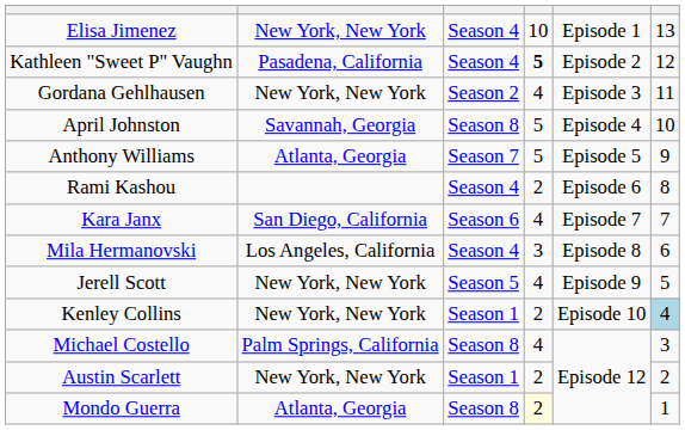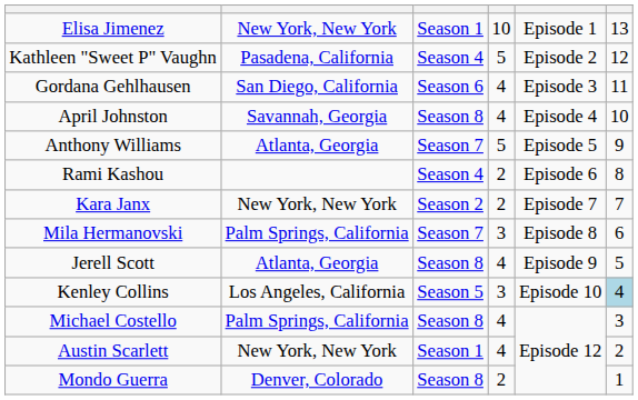 <table class="wikitable sortable" style="text-align:center;">
 <tr>
 <th></th>
 <th></th>
 <th></th>
 <th></th>
 <th></th>
 <th></th>
 </tr>
 <tr>
 <td><a href='#'>Elisa Jimenez</a></td>
 <td><a href='#'>New York, New York</a></td>
-<td><a href='#'>Season 4</a></td>
+<td><a href='#'>Season 1</a></td>
 <td>10</td>
 <td>Episode 1</td>
 <td>13</td>
 </tr>
 <tr>
 <td>Kathleen "Sweet P" Vaughn</td>
 <td><a href='#'>Pasadena, California</a></td>
 <td><a href='#'>Season 4</a></td>
-<td><strong>5</strong></td>
+<td>5</td>
 <td>Episode 2</td>
 <td>12</td>
 </tr>
 <tr>
 <td>Gordana Gehlhausen</td>
-<td>New York, New York</td>
-<td><a href='#'>Season 2</a></td>
+<td><a href='#'>San Diego, California</a></td>
+<td><a href='#'>Season 6</a></td>
 <td>4</td>
 <td>Episode 3</td>
 <td>11</td>
 </tr>
 <tr>
 <td>April Johnston</td>
 <td><a href='#'>Savannah, Georgia</a></td>
 <td><a href='#'>Season 8</a></td>
-<td>5</td>
+<td>4</td>
 <td>Episode 4</td>
 <td>10</td>
 </tr>
 <tr>
 <td>Anthony Williams</td>
 <td><a href='#'>Atlanta, Georgia</a></td>
 <td><a href='#'>Season 7</a></td>
 <td>5</td>
 <td>Episode 5</td>
 <td>9</td>
 </tr>
 <tr>
 <td>Rami Kashou</td>
 <td></td>
 <td><a href='#'>Season 4</a></td>
 <td>2</td>
 <td>Episode 6</td>
 <td>8</td>
 </tr>
 <tr>
 <td><a href='#'>Kara Janx</a></td>
-<td><a href='#'>San Diego, California</a></td>
-<td><a href='#'>Season 6</a></td>
-<td>4</td>
+<td>New York, New York</td>
+<td><a href='#'>Season 2</a></td>
+<td>2</td>
 <td>Episode 7</td>
 <td>7</td>
 </tr>
 <tr>
 <td><a href='#'>Mila Hermanovski</a></td>
-<td>Los Angeles, California</td>
-<td><a href='#'>Season 4</a></td>
+<td><a href='#'>Palm Springs, California</a></td>
+<td><a href='#'>Season 7</a></td>
 <td>3</td>
 <td>Episode 8</td>
 <td>6</td>
 </tr>
 <tr>
 <td>Jerell Scott</td>
-<td>New York, New York</td>
-<td><a href='#'>Season 5</a></td>
+<td><a href='#'>Atlanta, Georgia</a></td>
+<td><a href='#'>Season 8</a></td>
 <td>4</td>
 <td>Episode 9</td>
 <td>5</td>
 </tr>
 <tr>
 <td>Kenley Collins</td>
-<td>New York, New York</td>
-<td><a href='#'>Season 1</a></td>
-<td>2</td>
+<td>Los Angeles, California</td>
+<td><a href='#'>Season 5</a></td>
+<td>3</td>
 <td>Episode 10</td>
 <td style="background: lightblue;">4</td>
 </tr>
 <tr>
 <td><a href='#'>Michael Costello</a></td>
 <td><a href='#'>Palm Springs, California</a></td>
 <td><a href='#'>Season 8</a></td>
 <td>4</td>
 <td rowspan="3">Episode 12</td>
 <td>3</td>
 </tr>
 <tr>
 <td><a href='#'>Austin Scarlett</a></td>
 <td>New York, New York</td>
 <td><a href='#'>Season 1</a></td>
-<td>2</td>
+<td>4</td>
 <td>2</td>
 </tr>
 <tr>
 <td><a href='#'>Mondo Guerra</a></td>
-<td><a href='#'>Atlanta, Georgia</a></td>
+<td><a href='#'>Denver, Colorado</a></td>
 <td><a href='#'>Season 8</a></td>
-<td style="background: lightyellow;">2</td>
+<td>2</td>
 <td>1</td>
 </tr>
 </table>
